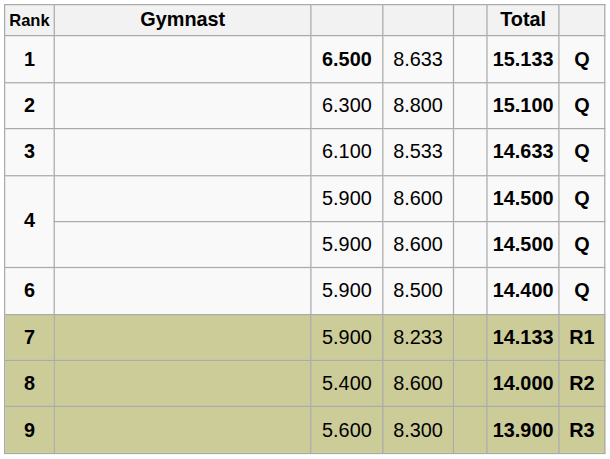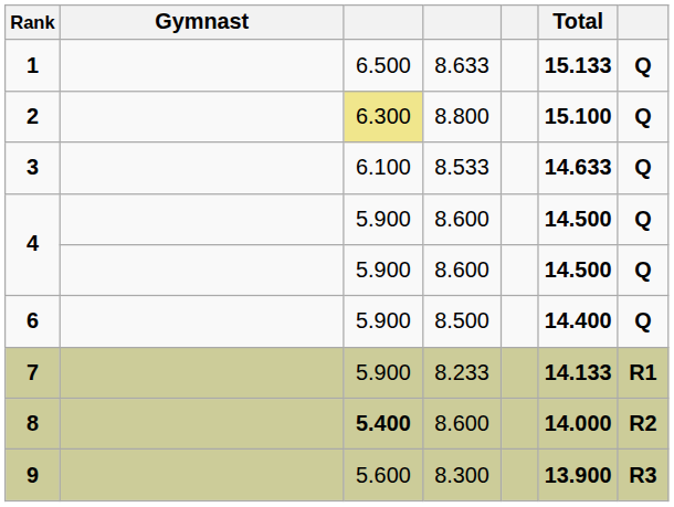 <table style="text-align:center;" class="wikitable sortable">
 <tr>
 <th scope="col" style="width:15px;"><small>Rank</small></th>
 <th scope="col" style="width:200px;">Gymnast</th>
 <th scope="col" style="width:50px;"><small></small></th>
 <th scope="col" style="width:50px;"><small></small></th>
 <th scope="col" style="width:20px;"><small></small></th>
 <th scope="col" style="width:50px;">Total</th>
 <th scope="col" style="width:30px;"><small></small></th>
 </tr>
 <tr>
 <td scope="row" style="text-align:center"><strong>1</strong></td>
 <td style="height:30px; text-align:left;"></td>
-<td><strong>6.500</strong></td>
+<td>6.500</td>
 <td>8.633</td>
 <td></td>
 <td><strong>15.133</strong></td>
 <td><strong>Q</strong></td>
 </tr>
 <tr>
 <td scope="row" style="text-align:center"><strong>2</strong></td>
 <td style="height:30px; text-align:left;"></td>
-<td>6.300</td>
+<td style="background: khaki;">6.300</td>
 <td>8.800</td>
 <td></td>
 <td><strong>15.100</strong></td>
 <td><strong>Q</strong></td>
 </tr>
 <tr>
 <td scope="row" style="text-align:center"><strong>3</strong></td>
 <td style="height:30px; text-align:left;"></td>
 <td>6.100</td>
 <td>8.533</td>
 <td></td>
 <td><strong>14.633</strong></td>
 <td><strong>Q</strong></td>
 </tr>
 <tr>
 <td rowspan=2 scope="row" style="text-align:center"><strong>4</strong></td>
 <td style="height:30px; text-align:left;"></td>
 <td>5.900</td>
 <td>8.600</td>
 <td></td>
 <td><strong>14.500</strong></td>
 <td><strong>Q</strong></td>
 </tr>
 <tr>
 <td style="height:30px; text-align:left;"></td>
 <td>5.900</td>
 <td>8.600</td>
 <td></td>
 <td><strong>14.500</strong></td>
 <td><strong>Q</strong></td>
 </tr>
 <tr>
 <td scope="row" style="text-align:center"><strong>6</strong></td>
 <td style="height:30px; text-align:left;"></td>
 <td>5.900</td>
 <td>8.500</td>
 <td></td>
 <td><strong>14.400</strong></td>
 <td><strong>Q</strong></td>
 </tr>
 <tr style="background:#cccc99;">
 <td scope="row" style="text-align:center"><strong>7</strong></td>
 <td style="height:30px; text-align:left;"></td>
 <td>5.900</td>
 <td>8.233</td>
 <td></td>
 <td><strong>14.133</strong></td>
 <td><strong>R1</strong></td>
 </tr>
 <tr style="background:#cccc99;">
 <td scope="row" style="text-align:center"><strong>8</strong></td>
 <td style="height:30px; text-align:left;"></td>
-<td>5.400</td>
+<td><strong>5.400</strong></td>
 <td>8.600</td>
 <td></td>
 <td><strong>14.000</strong></td>
 <td><strong>R2</strong></td>
 </tr>
 <tr style="background:#cccc99;">
 <td scope="row" style="text-align:center"><strong>9</strong></td>
 <td style="height:30px; text-align:left;"></td>
 <td>5.600</td>
 <td>8.300</td>
 <td></td>
 <td><strong>13.900</strong></td>
 <td><strong>R3</strong></td>
 </tr>
 </table>
